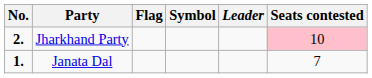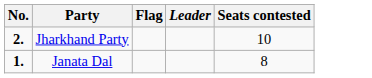 <table class="wikitable">
 <tr>
 <th>No.</th>
 <th>Party</th>
 <th><strong>Flag</strong></th>
-<th>Symbol</th>
 <th><em>Leader</em></th>
 <th>Seats contested</th>
 </tr>
 <tr>
 <td ! style="text-align:center; background:"><strong>2.</strong></td>
 <td style="text-align:center"><a href='#'>Jharkhand Party</a></td>
 <td></td>
-<td></td>
 <td style="text-align:center"></td>
-<td style="background: pink; text-align:center">10</td>
+<td style="text-align:center">10</td>
 </tr>
 <tr>
 <td ! style="text-align:center; background:"><strong>1.</strong></td>
 <td style="text-align:center"><a href='#'>Janata Dal</a></td>
 <td></td>
-<td></td>
 <td style="text-align:center"></td>
-<td style="text-align:center">7</td>
+<td style="text-align:center">8</td>
 </tr>
 </table>
